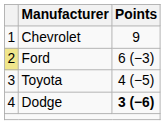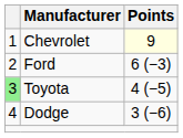 <table class="wikitable sortable">
 <tr>
 <th scope="col"></th>
 <th scope="col">Manufacturer</th>
 <th scope="col">Points</th>
 </tr>
 <tr>
 <td scope="row">1</td>
 <td>Chevrolet</td>
-<td style="text-align:center;">9</td>
+<td style="background: lightyellow; text-align:center;">9</td>
 </tr>
 <tr>
-<td scope="row" style="background: khaki;">2</td>
+<td scope="row">2</td>
 <td>Ford</td>
 <td style="text-align:center;">6 (−3)</td>
 </tr>
 <tr>
-<td scope="row">3</td>
+<td scope="row" style="background: lightgreen;">3</td>
 <td>Toyota</td>
 <td style="text-align:center;">4 (−5)</td>
 </tr>
 <tr>
 <td scope="row">4</td>
 <td>Dodge</td>
-<td style="text-align:center;"><strong>3 (−6)</strong></td>
+<td style="text-align:center;">3 (−6)</td>
 </tr>
 <tr class="sortbottom">
 <td colspan="9"></td>
 </tr>
 </table>
